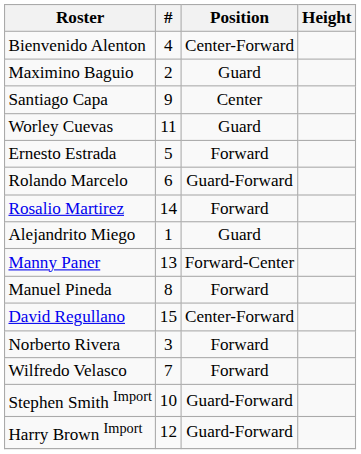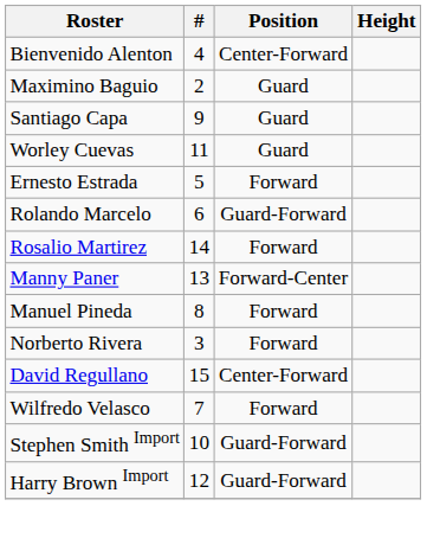 <table class="wikitable" border="1">
 <tr>
 <th>Roster</th>
 <th>#</th>
 <th>Position</th>
 <th>Height</th>
 </tr>
 <tr>
 <td>Bienvenido Alenton</td>
 <td align=center>4</td>
 <td align=center>Center-Forward</td>
 <td align=center></td>
 </tr>
 <tr>
 <td>Maximino Baguio</td>
 <td align=center>2</td>
 <td align=center>Guard</td>
 <td align=center></td>
 </tr>
 <tr>
 <td>Santiago Capa</td>
 <td align=center>9</td>
-<td align=center>Center</td>
+<td align=center>Guard</td>
 <td align=center></td>
 </tr>
 <tr>
 <td>Worley Cuevas</td>
 <td align=center>11</td>
 <td align=center>Guard</td>
 <td align=center></td>
 </tr>
 <tr>
 <td>Ernesto Estrada</td>
 <td align=center>5</td>
 <td align=center>Forward</td>
 <td align=center></td>
 </tr>
 <tr>
 <td>Rolando Marcelo</td>
 <td align=center>6</td>
 <td align=center>Guard-Forward</td>
 <td align=center></td>
 </tr>
 <tr>
 <td><a href='#'>Rosalio Martirez</a></td>
 <td align=center>14</td>
 <td align=center>Forward</td>
 <td align=center></td>
 </tr>
 <tr>
-<td>Alejandrito Miego</td>
-<td align=center>1</td>
-<td align=center>Guard</td>
-<td align=center></td>
-</tr>
-<tr>
 <td><a href='#'>Manny Paner</a></td>
 <td align=center>13</td>
 <td align=center>Forward-Center</td>
 <td align=center></td>
 </tr>
 <tr>
 <td>Manuel Pineda</td>
 <td align=center>8</td>
 <td align=center>Forward</td>
 <td align=center></td>
 </tr>
 <tr>
+<td>Norberto Rivera</td>
+<td align=center>3</td>
+<td align=center>Forward</td>
+<td align=center></td>
+</tr>
+<tr>
 <td><a href='#'>David Regullano</a></td>
 <td align=center>15</td>
 <td align=center>Center-Forward</td>
-<td align=center></td>
-</tr>
-<tr>
-<td>Norberto Rivera</td>
-<td align=center>3</td>
-<td align=center>Forward</td>
 <td align=center></td>
 </tr>
 <tr>
 <td>Wilfredo Velasco</td>
 <td align=center>7</td>
 <td align=center>Forward</td>
 <td align=center></td>
 </tr>
 <tr>
 <td>Stephen Smith <sup> Import </sup></td>
 <td align=center>10</td>
 <td align=center>Guard-Forward</td>
 <td align=center><br></td>
 </tr>
 <tr>
 <td>Harry Brown <sup> Import </sup></td>
 <td align=center>12</td>
 <td align=center>Guard-Forward</td>
 <td align=center><br></td>
 </tr>
 <tr>
 </tr>
 </table>
